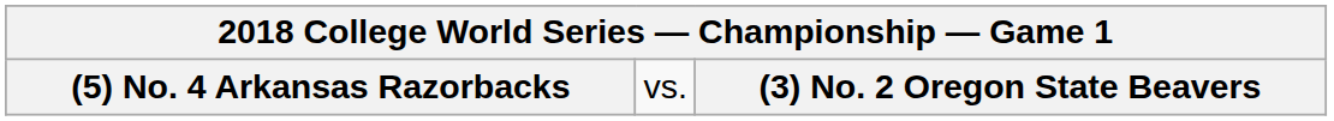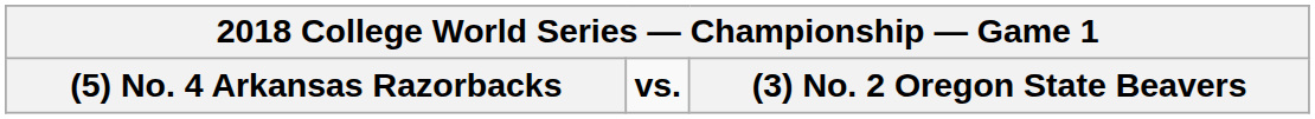 <table class="wikitable">
 <tr>
 <th style="width: 595px;" colspan=3>2018 College World Series — Championship — Game 1</th>
 </tr>
 <tr>
 <th style="width: 287px; ">(5) No. 4 Arkansas Razorbacks</th>
-<td style="width: 20px; text-align:center">vs.</td>
+<td style="width: 20px; text-align:center"><strong>vs.</strong></td>
 <th style="width: 287px; ">(3) No. 2 Oregon State Beavers</th>
 </tr>
 </table>
